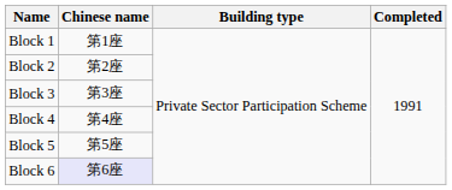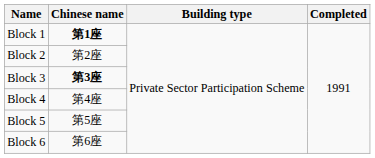 <table class="wikitable" style="text-align: center">
 <tr>
 <th>Name</th>
 <th>Chinese name</th>
 <th>Building type</th>
 <th>Completed</th>
 </tr>
 <tr>
 <td>Block 1</td>
-<td>第1座</td>
+<td><strong>第1座</strong></td>
 <td rowspan="6">Private Sector Participation Scheme</td>
 <td rowspan="6">1991</td>
 </tr>
 <tr>
 <td>Block 2</td>
 <td>第2座</td>
 </tr>
 <tr>
 <td>Block 3</td>
-<td>第3座</td>
+<td><strong>第3座</strong></td>
 </tr>
 <tr>
 <td>Block 4</td>
 <td>第4座</td>
 </tr>
 <tr>
 <td>Block 5</td>
 <td>第5座</td>
 </tr>
 <tr>
 <td>Block 6</td>
-<td style="background: lavender;">第6座</td>
+<td>第6座</td>
 </tr>
 </table>
